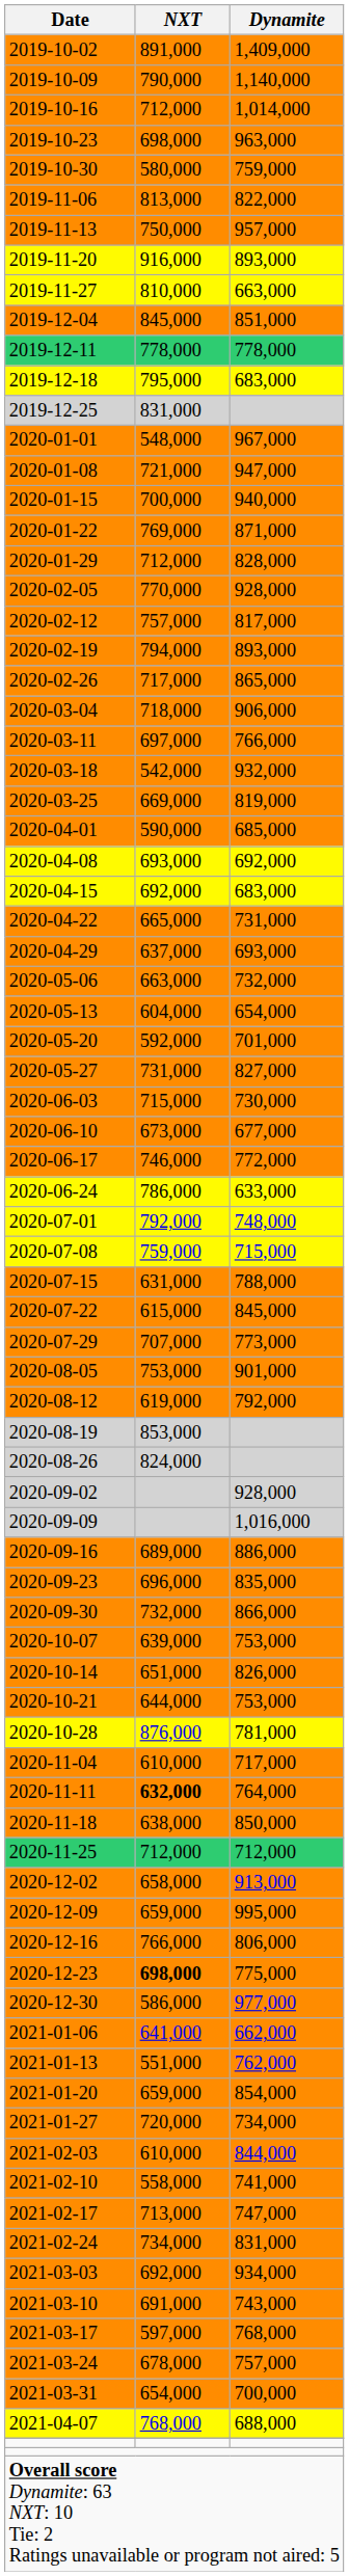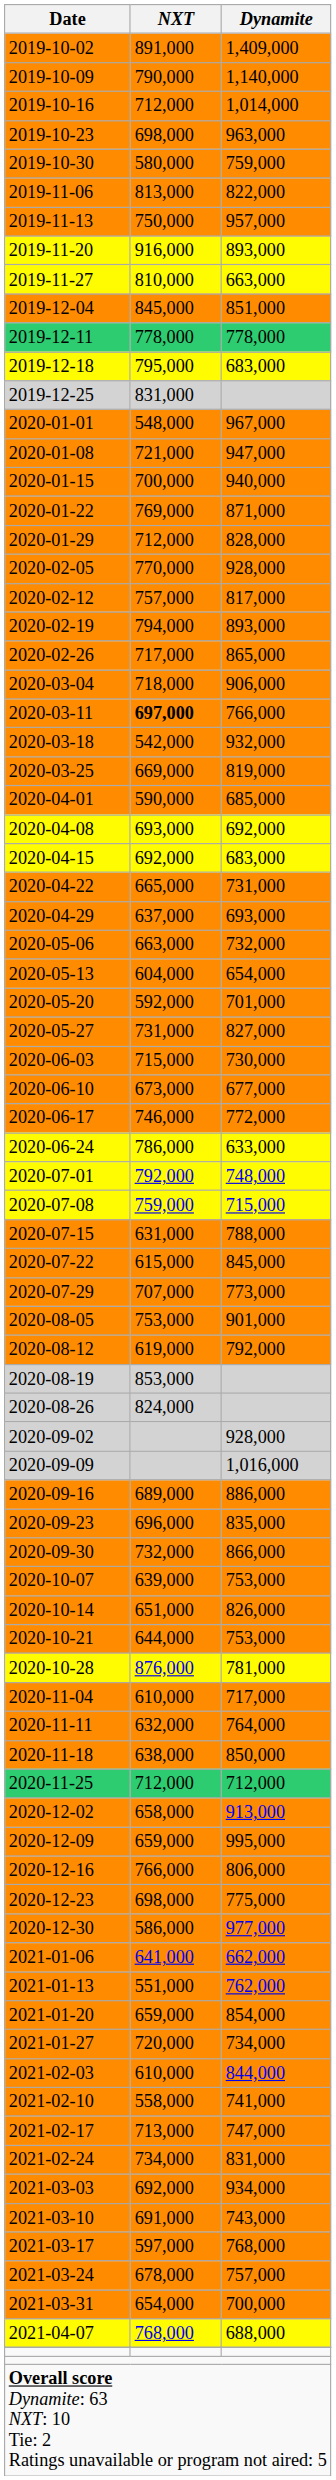 <table class="wikitable sortable mw-collapsible mw-collapsed" style="font-size: 100%;">
 <tr>
 <th>Date</th>
 <th><em>NXT</em></th>
 <th><em>Dynamite</em></th>
 </tr>
 <tr style="background:#FF8C00">
 <td>2019-10-02</td>
 <td>891,000</td>
 <td>1,409,000</td>
 </tr>
 <tr style="background:#FF8C00">
 <td>2019-10-09</td>
 <td>790,000</td>
 <td>1,140,000</td>
 </tr>
 <tr style="background:#FF8C00">
 <td>2019-10-16</td>
 <td>712,000</td>
 <td>1,014,000</td>
 </tr>
 <tr style="background:#FF8C00">
 <td>2019-10-23</td>
 <td>698,000</td>
 <td>963,000</td>
 </tr>
 <tr style="background:#FF8C00">
 <td>2019-10-30</td>
 <td>580,000</td>
 <td>759,000</td>
 </tr>
 <tr style="background:#FF8C00">
 <td>2019-11-06</td>
 <td>813,000</td>
 <td>822,000</td>
 </tr>
 <tr style="background:#FF8C00">
 <td>2019-11-13</td>
 <td>750,000</td>
 <td>957,000</td>
 </tr>
 <tr style="background:#fffb00">
 <td>2019-11-20</td>
 <td>916,000</td>
 <td>893,000</td>
 </tr>
 <tr style="background:#fffb00">
 <td>2019-11-27</td>
 <td>810,000</td>
 <td>663,000</td>
 </tr>
 <tr style="background:#FF8C00">
 <td>2019-12-04</td>
 <td>845,000</td>
 <td>851,000</td>
 </tr>
 <tr style="background:#2ECC71">
 <td>2019-12-11</td>
 <td>778,000</td>
 <td>778,000</td>
 </tr>
 <tr style="background:#fffb00">
 <td>2019-12-18</td>
 <td>795,000</td>
 <td>683,000</td>
 </tr>
 <tr style="background:#D3D3D3">
 <td>2019-12-25</td>
 <td>831,000</td>
 <td></td>
 </tr>
 <tr style="background:#FF8C00">
 <td>2020-01-01</td>
 <td>548,000</td>
 <td>967,000</td>
 </tr>
 <tr style="background:#FF8C00">
 <td>2020-01-08</td>
 <td>721,000</td>
 <td>947,000</td>
 </tr>
 <tr style="background:#FF8C00">
 <td>2020-01-15</td>
 <td>700,000</td>
 <td>940,000</td>
 </tr>
 <tr style="background:#FF8C00">
 <td>2020-01-22</td>
 <td>769,000</td>
 <td>871,000</td>
 </tr>
 <tr style="background:#FF8C00">
 <td>2020-01-29</td>
 <td>712,000</td>
 <td>828,000</td>
 </tr>
 <tr style="background:#FF8C00">
 <td>2020-02-05</td>
 <td>770,000</td>
 <td>928,000</td>
 </tr>
 <tr style="background:#FF8C00">
 <td>2020-02-12</td>
 <td>757,000</td>
 <td>817,000</td>
 </tr>
 <tr style="background:#FF8C00">
 <td>2020-02-19</td>
 <td>794,000</td>
 <td>893,000</td>
 </tr>
 <tr style="background:#FF8C00">
 <td>2020-02-26</td>
 <td>717,000</td>
 <td>865,000</td>
 </tr>
 <tr style="background:#FF8C00">
 <td>2020-03-04</td>
 <td>718,000</td>
 <td>906,000</td>
 </tr>
 <tr style="background:#FF8C00">
 <td>2020-03-11</td>
-<td>697,000</td>
+<td><strong>697,000</strong></td>
 <td>766,000</td>
 </tr>
 <tr style="background:#FF8C00">
 <td>2020-03-18</td>
 <td>542,000</td>
 <td>932,000</td>
 </tr>
 <tr style="background:#FF8C00">
 <td>2020-03-25</td>
 <td>669,000</td>
 <td>819,000</td>
 </tr>
 <tr style="background:#FF8C00">
 <td>2020-04-01</td>
 <td>590,000</td>
 <td>685,000</td>
 </tr>
 <tr style="background:#fffb00">
 <td>2020-04-08</td>
 <td>693,000</td>
 <td>692,000</td>
 </tr>
 <tr style="background:#fffb00">
 <td>2020-04-15</td>
 <td>692,000</td>
 <td>683,000</td>
 </tr>
 <tr style="background:#FF8C00">
 <td>2020-04-22</td>
 <td>665,000</td>
 <td>731,000</td>
 </tr>
 <tr style="background:#FF8C00">
 <td>2020-04-29</td>
 <td>637,000</td>
 <td>693,000</td>
 </tr>
 <tr style="background:#FF8C00">
 <td>2020-05-06</td>
 <td>663,000</td>
 <td>732,000</td>
 </tr>
 <tr style="background:#FF8C00">
 <td>2020-05-13</td>
 <td>604,000</td>
 <td>654,000</td>
 </tr>
 <tr style="background:#FF8C00">
 <td>2020-05-20</td>
 <td>592,000</td>
 <td>701,000</td>
 </tr>
 <tr style="background:#FF8C00">
 <td>2020-05-27</td>
 <td>731,000</td>
 <td>827,000</td>
 </tr>
 <tr style="background:#FF8C00">
 <td>2020-06-03</td>
 <td>715,000</td>
 <td>730,000</td>
 </tr>
 <tr style="background:#FF8C00">
 <td>2020-06-10</td>
 <td>673,000</td>
 <td>677,000</td>
 </tr>
 <tr style="background:#FF8C00">
 <td>2020-06-17</td>
 <td>746,000</td>
 <td>772,000</td>
 </tr>
 <tr style="background:#fffb00">
 <td>2020-06-24</td>
 <td>786,000</td>
 <td>633,000</td>
 </tr>
 <tr style="background:#fffb00">
 <td>2020-07-01</td>
 <td><a href='#'>792,000</a></td>
 <td><a href='#'>748,000</a></td>
 </tr>
 <tr style="background:#fffb00">
 <td>2020-07-08</td>
 <td><a href='#'>759,000</a></td>
 <td><a href='#'>715,000</a></td>
 </tr>
 <tr style="background:#FF8C00">
 <td>2020-07-15</td>
 <td>631,000</td>
 <td>788,000</td>
 </tr>
 <tr style="background:#FF8C00">
 <td>2020-07-22</td>
 <td>615,000</td>
 <td>845,000</td>
 </tr>
 <tr style="background:#FF8C00">
 <td>2020-07-29</td>
 <td>707,000</td>
 <td>773,000</td>
 </tr>
 <tr style="background:#FF8C00">
 <td>2020-08-05</td>
 <td>753,000</td>
 <td>901,000</td>
 </tr>
 <tr style="background:#FF8C00">
 <td>2020-08-12</td>
 <td>619,000</td>
 <td>792,000</td>
 </tr>
 <tr style="background:#D3D3D3">
 <td>2020-08-19</td>
 <td>853,000</td>
 <td></td>
 </tr>
 <tr style="background:#D3D3D3">
 <td>2020-08-26</td>
 <td>824,000</td>
 <td></td>
 </tr>
 <tr style="background:#D3D3D3">
 <td>2020-09-02</td>
 <td></td>
 <td>928,000</td>
 </tr>
 <tr style="background:#D3D3D3">
 <td>2020-09-09</td>
 <td></td>
 <td>1,016,000</td>
 </tr>
 <tr style="background:#FF8C00">
 <td>2020-09-16</td>
 <td>689,000</td>
 <td>886,000</td>
 </tr>
 <tr style="background:#FF8C00">
 <td>2020-09-23</td>
 <td>696,000</td>
 <td>835,000</td>
 </tr>
 <tr style="background:#FF8C00">
 <td>2020-09-30</td>
 <td>732,000</td>
 <td>866,000</td>
 </tr>
 <tr style="background:#FF8C00">
 <td>2020-10-07</td>
 <td>639,000</td>
 <td>753,000</td>
 </tr>
 <tr style="background:#FF8C00">
 <td>2020-10-14</td>
 <td>651,000</td>
 <td>826,000</td>
 </tr>
 <tr style="background:#FF8C00">
 <td>2020-10-21</td>
 <td>644,000</td>
 <td>753,000</td>
 </tr>
 <tr style="background:#fffb00">
 <td>2020-10-28</td>
 <td><a href='#'>876,000</a></td>
 <td>781,000</td>
 </tr>
 <tr style="background:#FF8C00">
 <td>2020-11-04</td>
 <td>610,000</td>
 <td>717,000</td>
 </tr>
 <tr style="background:#FF8C00">
 <td>2020-11-11</td>
-<td><strong>632,000</strong></td>
+<td>632,000</td>
 <td>764,000</td>
 </tr>
 <tr style="background:#FF8C00">
 <td>2020-11-18</td>
 <td>638,000</td>
 <td>850,000</td>
 </tr>
 <tr style="background:#2ECC71">
 <td>2020-11-25</td>
 <td>712,000</td>
 <td>712,000</td>
 </tr>
 <tr style="background:#FF8C00">
 <td>2020-12-02</td>
 <td>658,000</td>
 <td><a href='#'>913,000</a></td>
 </tr>
 <tr style="background:#FF8C00">
 <td>2020-12-09</td>
 <td>659,000</td>
 <td>995,000</td>
 </tr>
 <tr style="background:#FF8C00">
 <td>2020-12-16</td>
 <td>766,000</td>
 <td>806,000</td>
 </tr>
 <tr style="background:#FF8C00">
 <td>2020-12-23</td>
-<td><strong>698,000</strong></td>
+<td>698,000</td>
 <td>775,000</td>
 </tr>
 <tr style="background:#FF8C00">
 <td>2020-12-30</td>
 <td>586,000</td>
 <td><a href='#'>977,000</a></td>
 </tr>
 <tr style="background:#FF8C00">
 <td>2021-01-06</td>
 <td><a href='#'>641,000</a></td>
 <td><a href='#'>662,000</a></td>
 </tr>
 <tr style="background:#FF8C00">
 <td>2021-01-13</td>
 <td>551,000</td>
 <td><a href='#'>762,000</a></td>
 </tr>
 <tr style="background:#FF8C00">
 <td>2021-01-20</td>
 <td>659,000</td>
 <td>854,000</td>
 </tr>
 <tr style="background:#FF8C00">
 <td>2021-01-27</td>
 <td>720,000</td>
 <td>734,000</td>
 </tr>
 <tr style="background:#FF8C00">
 <td>2021-02-03</td>
 <td>610,000</td>
 <td><a href='#'>844,000</a></td>
 </tr>
 <tr style="background:#FF8C00">
 <td>2021-02-10</td>
 <td>558,000</td>
 <td>741,000</td>
 </tr>
 <tr style="background:#FF8C00">
 <td>2021-02-17</td>
 <td>713,000</td>
 <td>747,000</td>
 </tr>
 <tr style="background:#FF8C00">
 <td>2021-02-24</td>
 <td>734,000</td>
 <td>831,000</td>
 </tr>
 <tr style="background:#FF8C00">
 <td>2021-03-03</td>
 <td>692,000</td>
 <td>934,000</td>
 </tr>
 <tr style="background:#FF8C00">
 <td>2021-03-10</td>
 <td>691,000</td>
 <td>743,000</td>
 </tr>
 <tr style="background:#FF8C00">
 <td>2021-03-17</td>
 <td>597,000</td>
 <td>768,000</td>
 </tr>
 <tr style="background:#FF8C00">
 <td>2021-03-24</td>
 <td>678,000</td>
 <td>757,000</td>
 </tr>
 <tr style="background:#FF8C00">
 <td>2021-03-31</td>
 <td>654,000</td>
 <td>700,000</td>
 </tr>
 <tr style="background:#fffb00">
 <td>2021-04-07</td>
 <td><a href='#'>768,000</a></td>
 <td>688,000</td>
 </tr>
 <tr style="background:#D3D3D3">
 </tr>
 <tr>
 <td></td>
 <td></td>
 <td></td>
 </tr>
 <tr>
 <td colspan=3></td>
 </tr>
 <tr>
 <td colspan=3><strong><u>Overall score</u></strong><br><em>Dynamite</em>: 63<br><em>NXT</em>: 10<br>Tie: 2<br>Ratings unavailable or program not aired: 5</td>
 </tr>
 </table>
